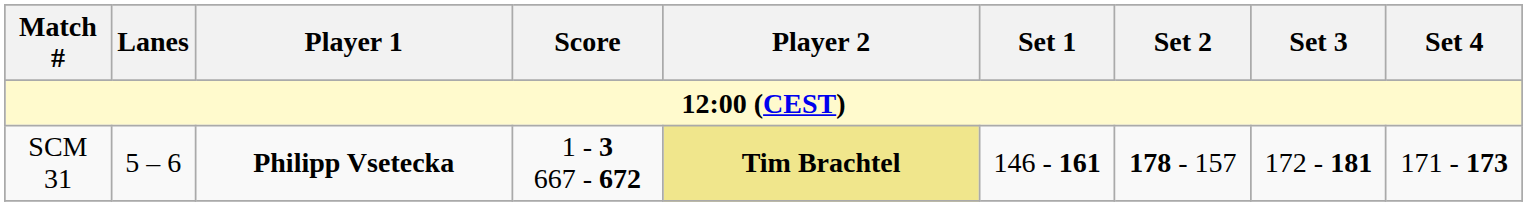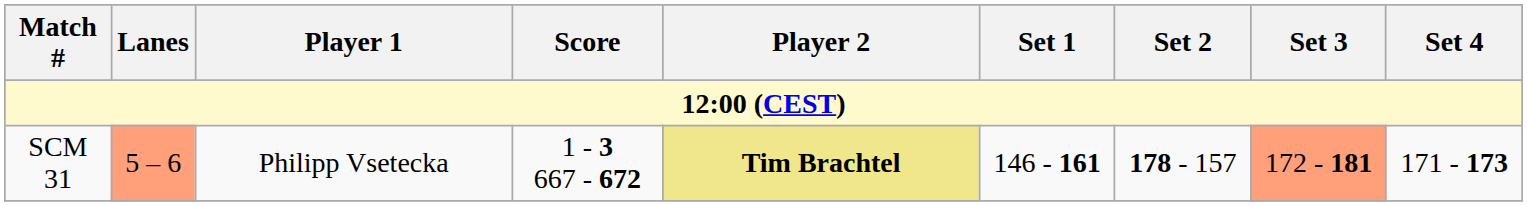 <table class="wikitable">
 <tr>
 <th width="7%">Match #</th>
 <th width="5%">Lanes</th>
 <th width="21%">Player 1</th>
 <th width="10%">Score</th>
 <th width="21%">Player 2</th>
 <th width="9%">Set 1</th>
 <th width="9%">Set 2</th>
 <th width="9%">Set 3</th>
 <th width="9%">Set 4</th>
 </tr>
 <tr>
 <td colspan="9" style="text-align:center; background-color:#FFFACD"><strong>12:00 (<a href='#'>CEST</a>)</strong></td>
 </tr>
 <tr style="text-align:center;">
 <td>SCM 31</td>
-<td>5 – 6</td>
-<td><strong> Philipp Vsetecka</strong></td>
+<td style="background: lightsalmon;">5 – 6</td>
+<td> Philipp Vsetecka</td>
 <td>1 - <strong>3</strong> <br> 667 - <strong>672</strong></td>
 <td style="background: khaki;"> <strong>Tim Brachtel</strong></td>
 <td>146 - <strong>161</strong></td>
 <td><strong>178</strong> - 157</td>
-<td>172 - <strong>181</strong></td>
+<td style="background: lightsalmon;">172 - <strong>181</strong></td>
 <td>171 - <strong>173</strong></td>
 </tr>
 </table>
